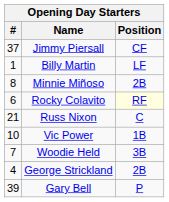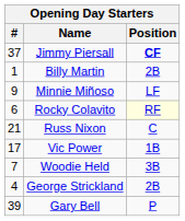 <table class="wikitable" style="text-align:center">
 <tr>
 <th colspan="3">Opening Day Starters</th>
 </tr>
 <tr>
 <th>#</th>
 <th>Name</th>
 <th>Position</th>
 </tr>
 <tr>
 <td>37</td>
 <td><a href='#'>Jimmy Piersall</a></td>
-<td><a href='#'>CF</a></td>
+<td><strong><a href='#'>CF</a></strong></td>
 </tr>
 <tr>
 <td>1</td>
 <td><a href='#'>Billy Martin</a></td>
-<td><a href='#'>LF</a></td>
+<td><a href='#'>2B</a></td>
 </tr>
 <tr>
-<td>8</td>
+<td>9</td>
 <td><a href='#'>Minnie Miñoso</a></td>
-<td><a href='#'>2B</a></td>
+<td><a href='#'>LF</a></td>
 </tr>
 <tr>
 <td>6</td>
 <td><a href='#'>Rocky Colavito</a></td>
 <td style="background: lightyellow;"><a href='#'>RF</a></td>
 </tr>
 <tr>
 <td>21</td>
 <td><a href='#'>Russ Nixon</a></td>
 <td><a href='#'>C</a></td>
 </tr>
 <tr>
-<td>10</td>
+<td>17</td>
 <td><a href='#'>Vic Power</a></td>
 <td><a href='#'>1B</a></td>
 </tr>
 <tr>
 <td>7</td>
 <td><a href='#'>Woodie Held</a></td>
 <td><a href='#'>3B</a></td>
 </tr>
 <tr>
 <td>4</td>
 <td><a href='#'>George Strickland</a></td>
 <td><a href='#'>2B</a></td>
 </tr>
 <tr>
 <td>39</td>
 <td><a href='#'>Gary Bell</a></td>
 <td><a href='#'>P</a></td>
 </tr>
 </table>
